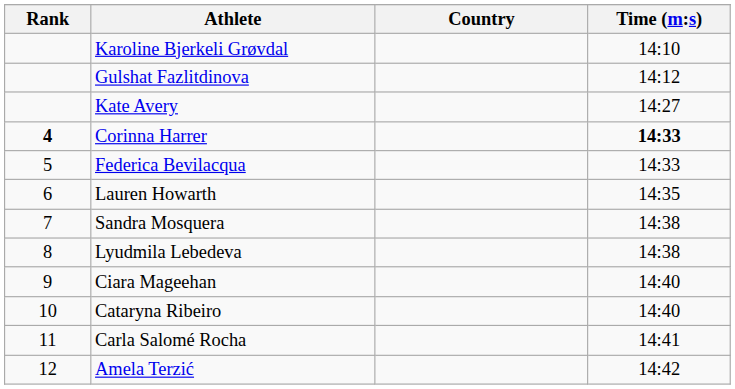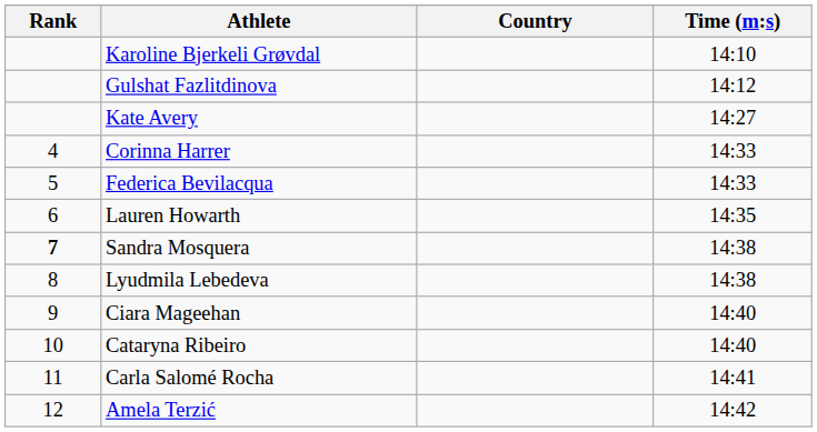 <table class="wikitable" width=50%>
 <tr>
 </tr>
 <tr>
 <th width=5%>Rank</th>
 <th width=20%>Athlete</th>
 <th width=15%>Country</th>
 <th width=10%>Time (<a href='#'>m</a>:<a href='#'>s</a>)</th>
 </tr>
 <tr align="center">
 <td></td>
 <td align="left"><a href='#'>Karoline Bjerkeli Grøvdal</a></td>
 <td align="left"></td>
 <td>14:10</td>
 </tr>
 <tr align="center">
 <td></td>
 <td align="left"><a href='#'>Gulshat Fazlitdinova</a></td>
 <td align="left"></td>
 <td>14:12</td>
 </tr>
 <tr align="center">
 <td></td>
 <td align="left"><a href='#'>Kate Avery</a></td>
 <td align="left"></td>
 <td>14:27</td>
 </tr>
 <tr align="center">
-<td><strong>4</strong></td>
+<td>4</td>
 <td align="left"><a href='#'>Corinna Harrer</a></td>
 <td align="left"></td>
-<td><strong>14:33</strong></td>
+<td>14:33</td>
 </tr>
 <tr align="center">
 <td>5</td>
 <td align="left"><a href='#'>Federica Bevilacqua</a></td>
 <td align="left"></td>
 <td>14:33</td>
 </tr>
 <tr align="center">
 <td>6</td>
 <td align="left">Lauren Howarth</td>
 <td align="left"></td>
 <td>14:35</td>
 </tr>
 <tr align="center">
-<td>7</td>
+<td><strong>7</strong></td>
 <td align="left">Sandra Mosquera</td>
 <td align="left"></td>
 <td>14:38</td>
 </tr>
 <tr align="center">
 <td>8</td>
 <td align="left">Lyudmila Lebedeva</td>
 <td align="left"></td>
 <td>14:38</td>
 </tr>
 <tr align="center">
 <td>9</td>
 <td align="left">Ciara Mageehan</td>
 <td align="left"></td>
 <td>14:40</td>
 </tr>
 <tr align="center">
 <td>10</td>
 <td align="left">Cataryna Ribeiro</td>
 <td align="left"></td>
 <td>14:40</td>
 </tr>
 <tr align="center">
 <td>11</td>
 <td align="left">Carla Salomé Rocha</td>
 <td align="left"></td>
 <td>14:41</td>
 </tr>
 <tr align="center">
 <td>12</td>
 <td align="left"><a href='#'>Amela Terzić</a></td>
 <td align="left"></td>
 <td>14:42</td>
 </tr>
 </table>
